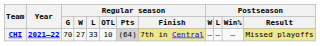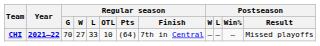 <table class="wikitable" style="font-size:95%; text-align:center;">
 <tr>
 <th rowspan="2">Team</th>
 <th rowspan="2">Year</th>
 <th colspan="6">Regular season</th>
 <th colspan="5">Postseason</th>
 </tr>
 <tr>
 <th>G</th>
 <th>W</th>
 <th>L</th>
 <th>OTL</th>
 <th>Pts</th>
 <th>Finish</th>
 <th>W</th>
 <th>L</th>
 <th>Win%</th>
 <th>Result</th>
 </tr>
 <tr>
 <th><a href='#'>CHI</a></th>
 <th><a href='#'>2021–22</a></th>
 <td>70</td>
 <td>27</td>
 <td>33</td>
 <td>10</td>
-<td style="background: lightgrey;">(64)</td>
-<td style="background: khaki;">7th in <a href='#'>Central</a></td>
+<td>(64)</td>
+<td>7th in <a href='#'>Central</a></td>
 <td>—</td>
 <td>—</td>
 <td>—</td>
-<td style="background: khaki;">Missed playoffs</td>
+<td>Missed playoffs</td>
 </tr>
 </table>
